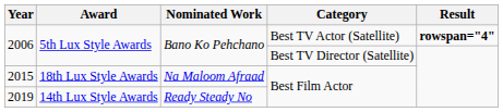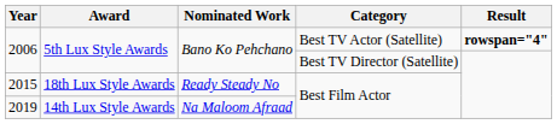 <table class="wikitable sortable">
 <tr>
 <th>Year</th>
 <th>Award</th>
 <th>Nominated Work</th>
 <th>Category</th>
 <th>Result</th>
 </tr>
 <tr>
 <td rowspan="2">2006</td>
 <td rowspan="2"><a href='#'>5th Lux Style Awards</a></td>
 <td rowspan="2"><em>Bano Ko Pehchano</em></td>
 <td>Best TV Actor (Satellite)</td>
 <td><strong>rowspan="4" </strong></td>
 </tr>
 <tr>
 <td>Best TV Director (Satellite)</td>
 </tr>
 <tr>
 <td>2015</td>
 <td><a href='#'>18th Lux Style Awards</a></td>
-<td><em><a href='#'>Na Maloom Afraad</a></em></td>
+<td><em><a href='#'>Ready Steady No</a></em></td>
 <td rowspan="2">Best Film Actor</td>
 </tr>
 <tr>
 <td>2019</td>
 <td><a href='#'>14th Lux Style Awards</a></td>
-<td><em><a href='#'>Ready Steady No</a></em></td>
+<td><em><a href='#'>Na Maloom Afraad</a></em></td>
 </tr>
 </table>
